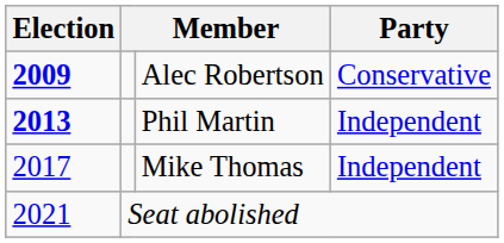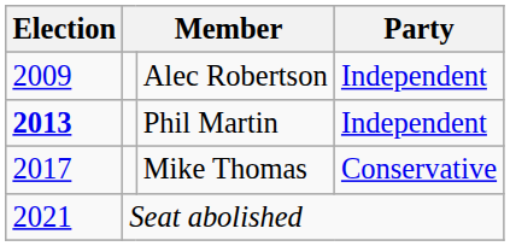 <table class="wikitable">
 <tr>
 <th>Election</th>
 <th colspan="2">Member</th>
 <th>Party</th>
 </tr>
 <tr>
-<td><strong><a href='#'>2009</a></strong></td>
+<td><a href='#'>2009</a></td>
 <td rowspan="1" style="background-color: "></td>
 <td rowspan="1">Alec Robertson</td>
-<td rowspan="1"><a href='#'>Conservative</a></td>
+<td rowspan="1"><a href='#'>Independent</a></td>
 </tr>
 <tr>
 <td><strong><a href='#'>2013</a></strong></td>
 <td rowspan="1" style="background-color: "></td>
 <td rowspan="1">Phil Martin</td>
 <td rowspan="1"><a href='#'>Independent</a></td>
 </tr>
 <tr>
 <td><a href='#'>2017</a></td>
 <td rowspan="1" style="background-color: "></td>
 <td rowspan="1">Mike Thomas</td>
-<td rowspan="1"><a href='#'>Independent</a></td>
+<td rowspan="1"><a href='#'>Conservative</a></td>
 </tr>
 <tr>
 <td><a href='#'>2021</a></td>
 <td colspan="3"><em>Seat abolished</em></td>
 </tr>
 </table>
